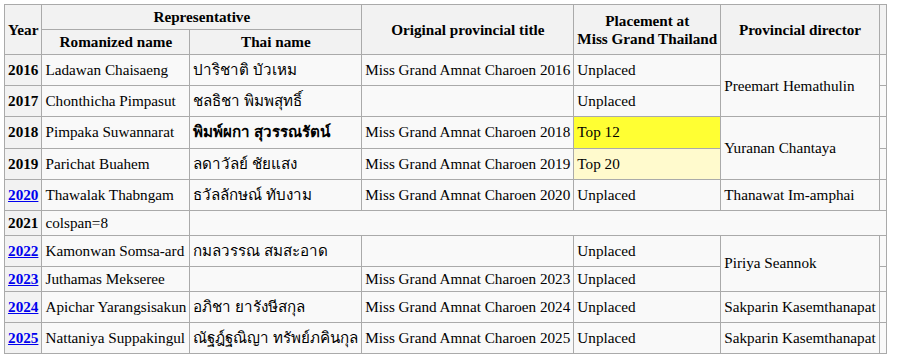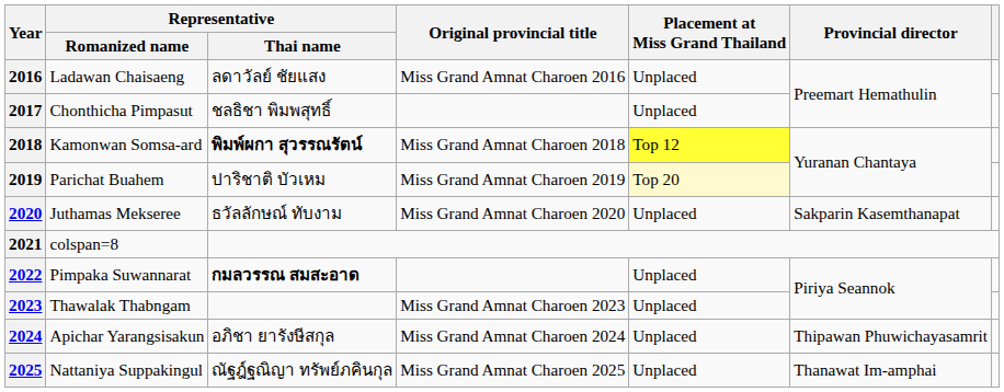 <table class="wikitable defaultcenter col2left col3left col6left" style="font-size:95%;">
 <tr>
 <th rowspan=2>Year</th>
 <th colspan=2>Representative</th>
 <th rowspan=2>Original provincial title</th>
 <th rowspan=2>Placement at<br>Miss Grand Thailand</th>
 <th rowspan=2>Provincial director</th>
 <th rowspan=2></th>
 </tr>
 <tr>
 <th>Romanized name</th>
 <th>Thai name</th>
 </tr>
 <tr>
 <th>2016</th>
 <td>Ladawan Chaisaeng</td>
-<td>ปาริชาติ บัวเหม</td>
+<td>ลดาวัลย์ ชัยแสง</td>
 <td>Miss Grand Amnat Charoen 2016</td>
 <td>Unplaced</td>
 <td rowspan=2>Preemart Hemathulin</td>
 <td></td>
 </tr>
 <tr>
 <th>2017</th>
 <td>Chonthicha Pimpasut</td>
 <td>ชลธิชา พิมพสุทธิ์</td>
 <td></td>
 <td>Unplaced</td>
 <td></td>
 </tr>
 <tr>
 <th>2018</th>
-<td>Pimpaka Suwannarat</td>
+<td>Kamonwan Somsa-ard</td>
 <td><strong>พิมพ์ผกา สุวรรณรัตน์</strong></td>
 <td>Miss Grand Amnat Charoen 2018</td>
 <td bgcolor=#FFFF33>Top 12</td>
 <td rowspan=2>Yuranan Chantaya</td>
 <td></td>
 </tr>
 <tr>
 <th>2019</th>
 <td>Parichat Buahem</td>
-<td>ลดาวัลย์ ชัยแสง</td>
+<td>ปาริชาติ บัวเหม</td>
 <td>Miss Grand Amnat Charoen 2019</td>
 <td bgcolor=#FFFACD>Top 20</td>
 <td></td>
 </tr>
 <tr>
 <th><a href='#'>2020</a></th>
-<td>Thawalak Thabngam</td>
+<td>Juthamas Mekseree</td>
 <td>ธวัลลักษณ์ ทับงาม</td>
 <td>Miss Grand Amnat Charoen 2020</td>
 <td>Unplaced</td>
-<td>Thanawat Im-amphai</td>
+<td>Sakparin Kasemthanapat</td>
 <td></td>
 </tr>
 <tr>
 <th>2021</th>
 <td>colspan=8 </td>
 </tr>
 <tr>
 <th><a href='#'>2022</a></th>
-<td>Kamonwan Somsa-ard</td>
-<td>กมลวรรณ สมสะอาด</td>
+<td>Pimpaka Suwannarat</td>
+<td><strong>กมลวรรณ สมสะอาด</strong></td>
 <td></td>
 <td>Unplaced</td>
 <td rowspan=2>Piriya Seannok</td>
 <td></td>
 </tr>
 <tr>
 <th><a href='#'>2023</a></th>
-<td>Juthamas Mekseree</td>
+<td>Thawalak Thabngam</td>
 <td></td>
 <td>Miss Grand Amnat Charoen 2023</td>
 <td>Unplaced</td>
 <td></td>
 </tr>
 <tr>
 <th><a href='#'>2024</a></th>
 <td>Apichar Yarangsisakun</td>
 <td>อภิชา ยารังษีสกุล</td>
 <td>Miss Grand Amnat Charoen 2024</td>
 <td>Unplaced</td>
-<td>Sakparin Kasemthanapat</td>
+<td>Thipawan Phuwichayasamrit</td>
 <td></td>
 </tr>
 <tr>
 <th><a href='#'>2025</a></th>
 <td>Nattaniya Suppakingul</td>
 <td>ณัฐฎ์ฐณิญา ทรัพย์ภคินกุล</td>
 <td>Miss Grand Amnat Charoen 2025</td>
 <td>Unplaced</td>
-<td>Sakparin Kasemthanapat</td>
+<td>Thanawat Im-amphai</td>
 <td></td>
 </tr>
 </table>
